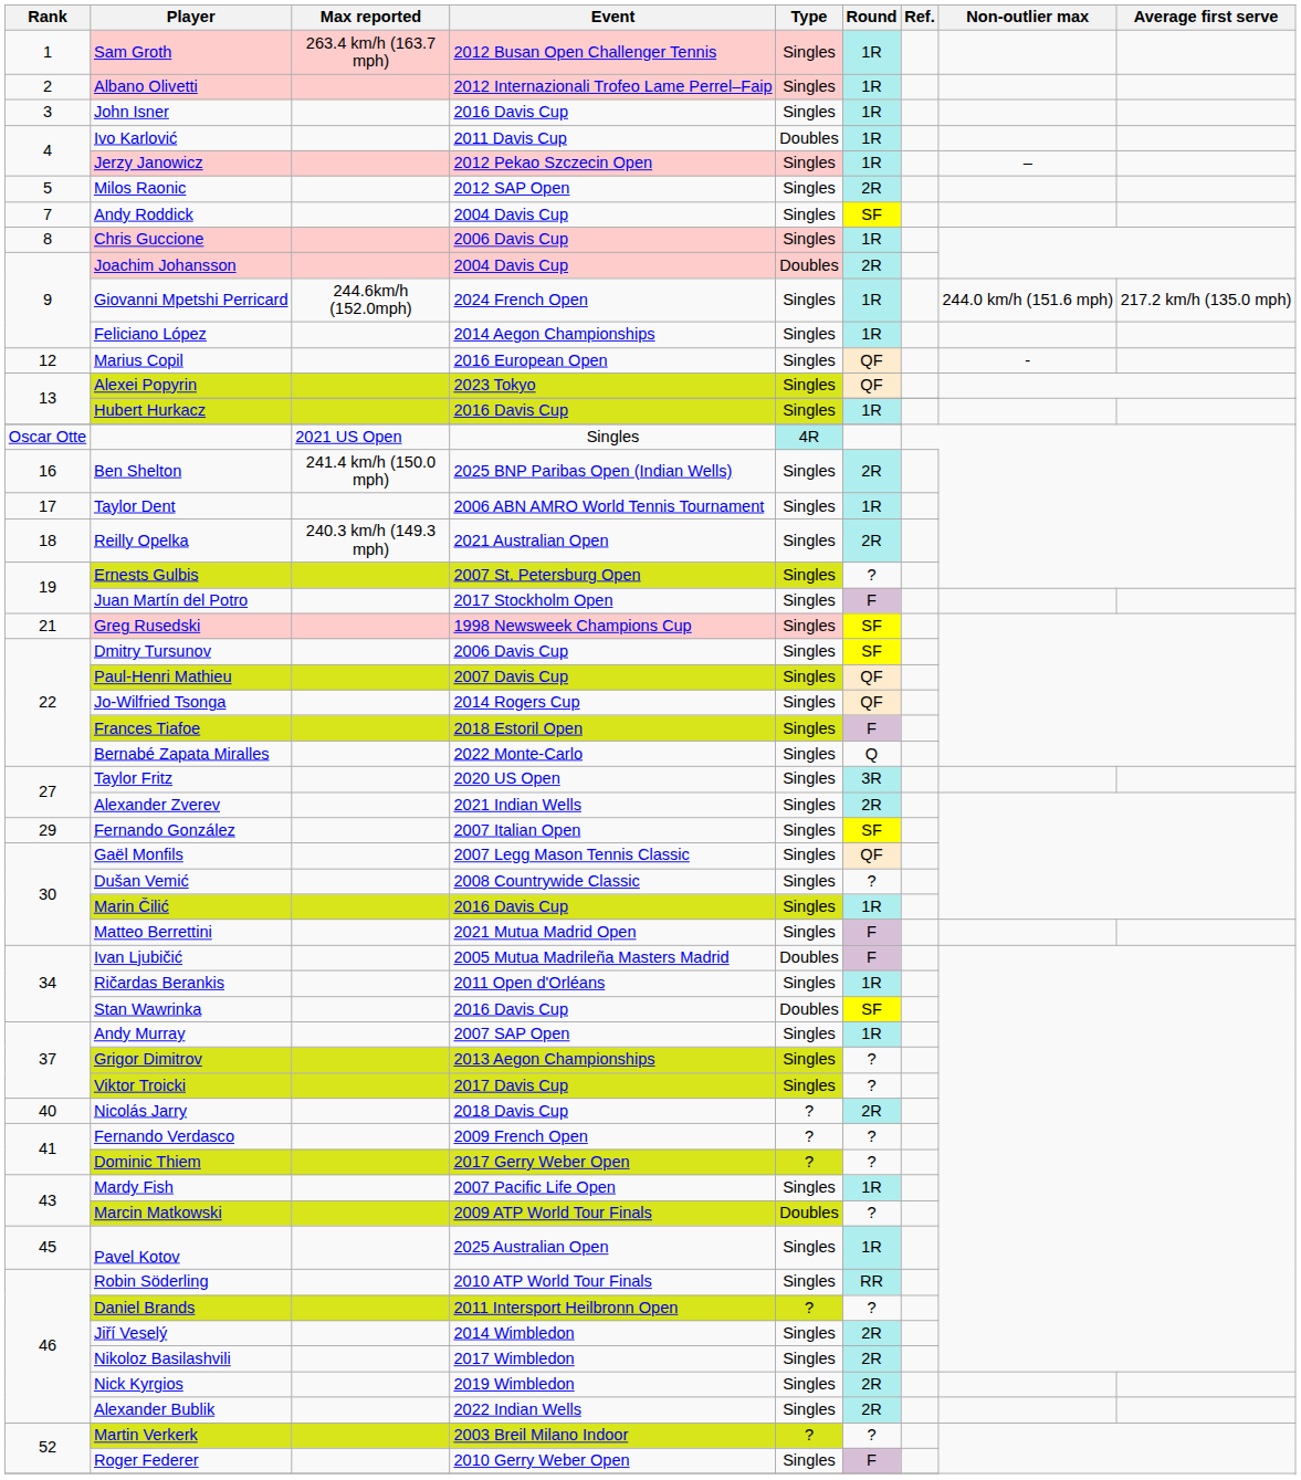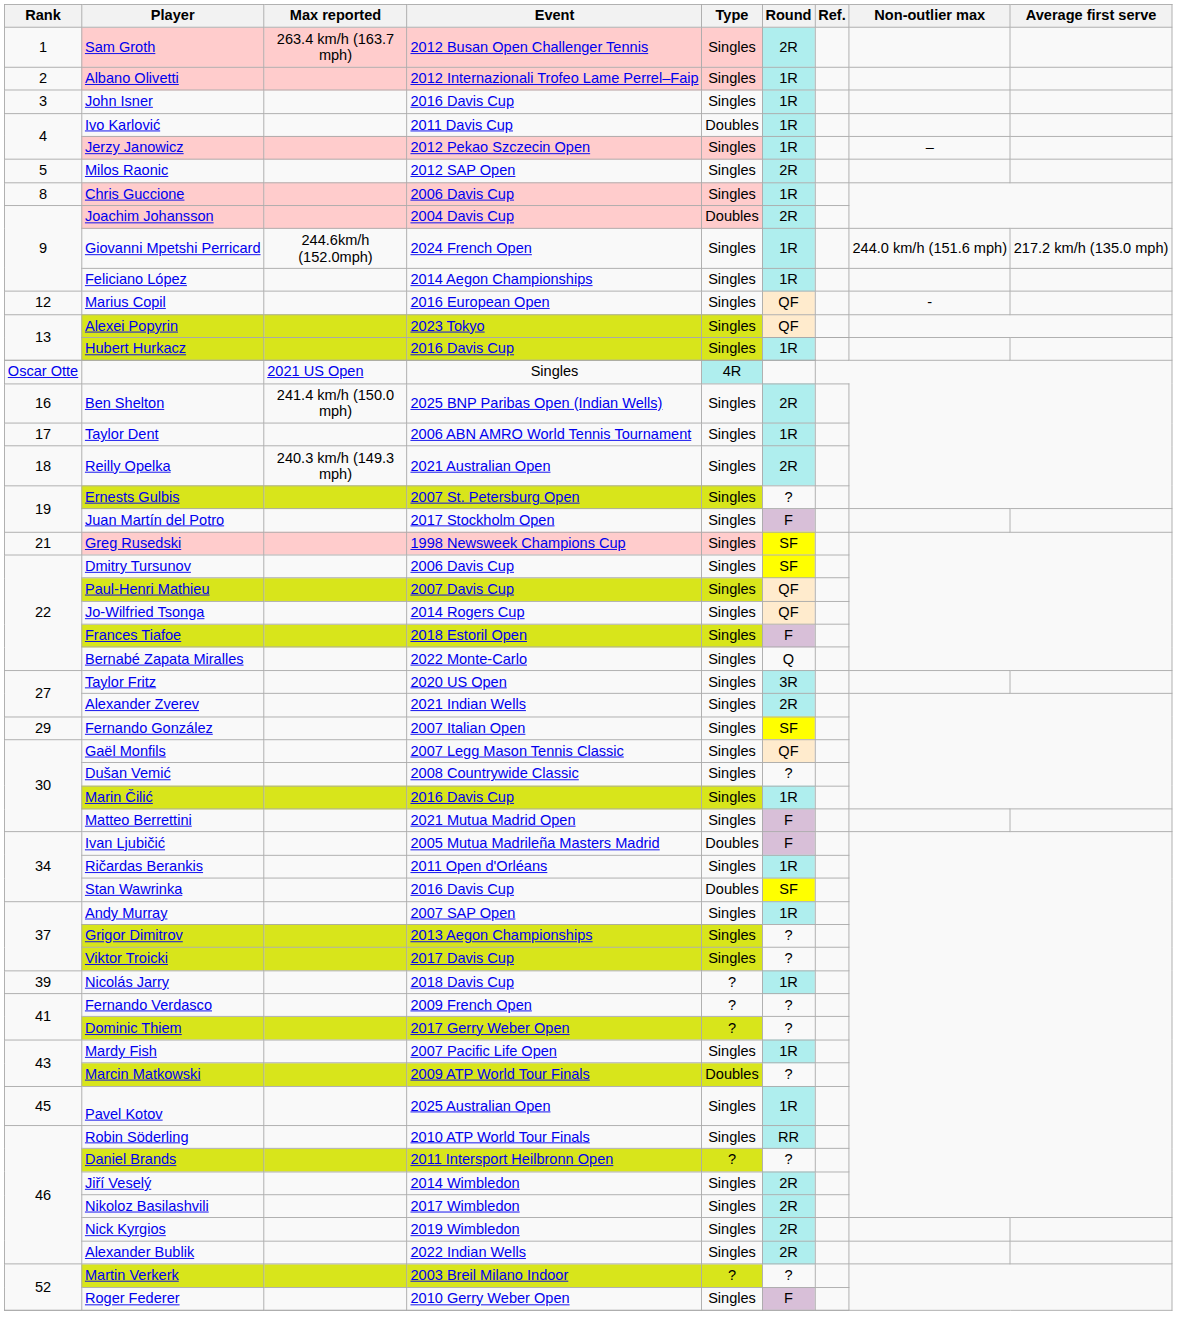 <table class="wikitable sortable mw-collapsible" style="text-align:center;">
 <tr>
 <th>Rank</th>
 <th>Player</th>
 <th width=150>Max reported</th>
 <th>Event</th>
 <th>Type</th>
 <th>Round</th>
 <th class="unsortable">Ref.</th>
 <th>Non-outlier max</th>
 <th>Average first serve</th>
 </tr>
 <tr>
 <td>1</td>
 <td style="background:#fcc; text-align:left;"> <a href='#'>Sam Groth</a></td>
 <td style="background:#fcc;">263.4 km/h (163.7 mph)</td>
 <td style="background:#fcc; text-align:left;"><a href='#'>2012 Busan Open Challenger Tennis</a></td>
 <td style="background:#fcc;">Singles</td>
-<td style="background:#afeeee;">1R</td>
+<td style="background:#afeeee">2R</td>
 <td></td>
 <td></td>
 <td></td>
 </tr>
 <tr>
 <td>2</td>
 <td style="background:#fcc; text-align:left;"> <a href='#'>Albano Olivetti</a></td>
 <td style="background:#fcc;"></td>
 <td style="background:#fcc; text-align:left;"><a href='#'>2012 Internazionali Trofeo Lame Perrel–Faip</a></td>
 <td style="background:#fcc;">Singles</td>
 <td style="background:#afeeee">1R</td>
 <td></td>
 <td></td>
 <td></td>
 </tr>
 <tr>
 <td rowspan=>3</td>
 <td style="text-align:left;"> <a href='#'>John Isner</a></td>
 <td></td>
 <td style="text-align:left;"><a href='#'>2016 Davis Cup</a></td>
 <td>Singles</td>
 <td style="background:#afeeee">1R</td>
 <td></td>
 <td></td>
 <td></td>
 </tr>
 <tr>
 <td rowspan="2">4</td>
 <td style="text-align:left;"> <a href='#'>Ivo Karlović</a></td>
 <td></td>
 <td style="text-align:left;"><a href='#'>2011 Davis Cup</a></td>
 <td>Doubles</td>
 <td style="background:#afeeee">1R</td>
 <td></td>
 <td></td>
 <td></td>
 </tr>
 <tr>
 <td style="background:#fcc; text-align:left;"> <a href='#'>Jerzy Janowicz</a></td>
 <td style="background:#fcc;"></td>
 <td style="background:#fcc; text-align:left;"><a href='#'>2012 Pekao Szczecin Open</a></td>
 <td style="background:#fcc;">Singles</td>
 <td style="background:#afeeee">1R</td>
 <td></td>
 <td>–</td>
 <td></td>
 </tr>
 <tr>
 <td rowspan="">5</td>
 <td style="text-align:left;"> <a href='#'>Milos Raonic</a></td>
 <td></td>
 <td style="text-align:left;"><a href='#'>2012 SAP Open</a></td>
 <td>Singles</td>
 <td style="background:#afeeee">2R</td>
-<td></td>
-<td></td>
-<td></td>
-</tr>
-<tr>
-<td rowspan="">7</td>
-<td style="text-align:left;"> <a href='#'>Andy Roddick</a></td>
-<td></td>
-<td style="text-align:left;"><a href='#'>2004 Davis Cup</a></td>
-<td>Singles</td>
-<td style="background:yellow">SF</td>
 <td></td>
 <td></td>
 <td></td>
 </tr>
 <tr>
 <td rowspan="">8</td>
 <td style="background:#fcc; text-align:left;"> <a href='#'>Chris Guccione</a></td>
 <td style="background:#fcc;"></td>
 <td style="background:#fcc; text-align:left;"><a href='#'>2006 Davis Cup</a></td>
 <td style="background:#fcc;">Singles</td>
 <td style="background:#afeeee">1R</td>
 <td></td>
 </tr>
 <tr>
 <td rowspan="3">9</td>
 <td style="background:#fcc; text-align:left;"> <a href='#'>Joachim Johansson</a></td>
 <td style="background:#fcc;"></td>
 <td style="background:#fcc; text-align:left;"><a href='#'>2004 Davis Cup</a></td>
 <td style="background:#fcc;">Doubles</td>
 <td style="background:#afeeee;">2R</td>
 <td></td>
 </tr>
 <tr>
 <td style="text-align:left;"> <a href='#'>Giovanni Mpetshi Perricard</a></td>
 <td>244.6km/h (152.0mph)</td>
 <td style="text-align:left;"><a href='#'>2024 French Open</a></td>
 <td>Singles</td>
 <td style="background:#afeeee">1R</td>
 <td></td>
 <td>244.0 km/h (151.6 mph)</td>
 <td>217.2 km/h (135.0 mph)</td>
 </tr>
 <tr>
 <td style="text-align:left;"> <a href='#'>Feliciano López</a></td>
 <td></td>
 <td style="text-align:left;"><a href='#'>2014 Aegon Championships</a></td>
 <td>Singles</td>
 <td style="background:#afeeee">1R</td>
 <td></td>
 <td></td>
 <td></td>
 </tr>
 <tr>
 <td>12</td>
 <td style="text-align:left;"> <a href='#'>Marius Copil</a></td>
 <td></td>
 <td style="text-align:left;"><a href='#'>2016 European Open</a></td>
 <td>Singles</td>
 <td style="background:#ffebcd">QF</td>
 <td></td>
 <td>-</td>
 <td></td>
 </tr>
 <tr>
 <td rowspan="3">13</td>
 <td style="background:#d8e51b; text-align:left;"> <a href='#'>Alexei Popyrin</a></td>
 <td style="background:#d8e51b;"></td>
 <td style="background:#d8e51b; text-align:left;"><a href='#'>2023 Tokyo</a></td>
 <td style="background:#d8e51b;">Singles</td>
 <td style="background:#ffebcd">QF</td>
 <td></td>
 </tr>
 <tr>
 </tr>
 <tr>
 <td style="background:#d8e51b; text-align:left;"> <a href='#'>Hubert Hurkacz</a></td>
 <td style="background:#d8e51b;"></td>
 <td style="background:#d8e51b; text-align:left;"><a href='#'>2016 Davis Cup</a></td>
 <td style="background:#d8e51b;">Singles</td>
 <td style="background:#afeeee">1R</td>
 <td></td>
 <td></td>
 <td></td>
 </tr>
 <tr>
 </tr>
 <tr>
 <td style="text-align:left;"> <a href='#'>Oscar Otte</a></td>
 <td></td>
 <td style="text-align:left;"><a href='#'>2021 US Open</a></td>
 <td>Singles</td>
 <td style="background:#afeeee">4R</td>
 <td></td>
 </tr>
 <tr>
 <td>16</td>
 <td style="text-align:left;"> <a href='#'>Ben Shelton</a></td>
 <td>241.4 km/h (150.0 mph)</td>
 <td style="text-align:left;"><a href='#'>2025 BNP Paribas Open (Indian Wells)</a></td>
 <td>Singles</td>
 <td style="background:#afeeee">2R</td>
 <td></td>
 </tr>
 <tr>
 <td>17</td>
 <td style="text-align:left;"> <a href='#'>Taylor Dent</a></td>
 <td></td>
 <td style="text-align:left;"><a href='#'>2006 ABN AMRO World Tennis Tournament</a></td>
 <td>Singles</td>
 <td style="background:#afeeee">1R</td>
 <td></td>
 </tr>
 <tr>
 <td>18</td>
 <td style="text-align:left;"> <a href='#'>Reilly Opelka</a></td>
 <td>240.3 km/h (149.3 mph)</td>
 <td style="text-align:left;"><a href='#'>2021 Australian Open</a></td>
 <td>Singles</td>
 <td style="background:#afeeee">2R</td>
 <td></td>
 </tr>
 <tr>
 <td rowspan="2">19</td>
 <td style="background:#d8e51b; text-align:left;"> <a href='#'>Ernests Gulbis</a></td>
 <td style="background:#d8e51b;"></td>
 <td style="background:#d8e51b; text-align:left;"><a href='#'>2007 St. Petersburg Open</a></td>
 <td style="background:#d8e51b;">Singles</td>
 <td>?</td>
 <td></td>
 </tr>
 <tr>
 <td style="text-align:left;"> <a href='#'>Juan Martín del Potro</a></td>
 <td></td>
 <td style="text-align:left;"><a href='#'>2017 Stockholm Open</a></td>
 <td>Singles</td>
 <td style="background:thistle;">F</td>
 <td></td>
 <td></td>
 <td></td>
 </tr>
 <tr>
 <td rowspan="1">21</td>
 <td style="background:#fcc; text-align:left;"> <a href='#'>Greg Rusedski</a></td>
 <td style="background:#fcc;"></td>
 <td style="background:#fcc; text-align:left;"><a href='#'>1998 Newsweek Champions Cup</a></td>
 <td style="background:#fcc;">Singles</td>
 <td style="background:yellow">SF</td>
 <td></td>
 </tr>
 <tr>
 <td rowspan="5">22</td>
 <td style="text-align:left;"> <a href='#'>Dmitry Tursunov</a></td>
 <td></td>
 <td style="text-align:left;"><a href='#'>2006 Davis Cup</a></td>
 <td style=>Singles</td>
 <td style="background:yellow">SF</td>
 <td></td>
 </tr>
 <tr>
 <td style="background:#d8e51b; text-align:left;"> <a href='#'>Paul-Henri Mathieu</a></td>
 <td style="background:#d8e51b;"></td>
 <td style="background:#d8e51b; text-align:left;"><a href='#'>2007 Davis Cup</a></td>
 <td style="background:#d8e51b;">Singles</td>
 <td style="background:#ffebcd">QF</td>
 <td></td>
 </tr>
 <tr>
 <td style="text-align:left;"> <a href='#'>Jo-Wilfried Tsonga</a></td>
 <td style=></td>
 <td style="text-align:left;"><a href='#'>2014 Rogers Cup</a></td>
 <td style=>Singles</td>
 <td style="background:#ffebcd">QF</td>
 <td></td>
 </tr>
 <tr>
 <td style="background:#d8e51b; text-align:left;"> <a href='#'>Frances Tiafoe</a></td>
 <td style="background:#d8e51b;"></td>
 <td style="background:#d8e51b; text-align:left;"><a href='#'>2018 Estoril Open</a></td>
 <td style="background:#d8e51b">Singles</td>
 <td style="background:thistle">F</td>
 <td></td>
 </tr>
 <tr>
 <td style="text-align:left;"> <a href='#'>Bernabé Zapata Miralles</a></td>
 <td></td>
 <td style="text-align:left;"><a href='#'>2022 Monte-Carlo</a></td>
 <td>Singles</td>
 <td>Q</td>
 <td></td>
 </tr>
 <tr>
 <td rowspan="2">27</td>
 <td style="text-align:left;"> <a href='#'>Taylor Fritz</a></td>
 <td></td>
 <td style="text-align:left;"><a href='#'>2020 US Open</a></td>
 <td>Singles</td>
 <td style="background:#afeeee">3R</td>
 <td></td>
 <td></td>
 <td></td>
 </tr>
 <tr>
 <td style="text-align:left;"> <a href='#'>Alexander Zverev</a></td>
 <td></td>
 <td style="text-align:left;"><a href='#'>2021 Indian Wells</a></td>
 <td>Singles</td>
 <td style="background:#afeeee;">2R</td>
 <td></td>
 </tr>
 <tr>
 <td rowspan="1">29</td>
 <td style="text-align:left;"> <a href='#'>Fernando González</a></td>
 <td></td>
 <td style="text-align:left;"><a href='#'>2007 Italian Open</a></td>
 <td>Singles</td>
 <td style="background:yellow">SF</td>
 <td></td>
 </tr>
 <tr>
 <td rowspan="4">30</td>
 <td style="text-align:left;"> <a href='#'>Gaël Monfils</a> </td>
 <td></td>
 <td style="text-align:left;"><a href='#'>2007 Legg Mason Tennis Classic</a></td>
 <td>Singles</td>
 <td style="background:#ffebcd">QF</td>
 <td></td>
 </tr>
 <tr>
 <td style="text-align:left;"> <a href='#'>Dušan Vemić</a></td>
 <td></td>
 <td style="text-align:left;"><a href='#'>2008 Countrywide Classic</a></td>
 <td>Singles</td>
 <td>?</td>
 <td></td>
 </tr>
 <tr>
 <td style="background:#d8e51b; text-align:left;"> <a href='#'>Marin Čilić</a></td>
 <td style="background:#d8e51b;"></td>
 <td style="background:#d8e51b; text-align:left;"><a href='#'>2016 Davis Cup</a></td>
 <td style="background:#d8e51b;">Singles</td>
 <td style="background:#afeeee">1R</td>
 <td></td>
 </tr>
 <tr>
 <td style="text-align:left;"> <a href='#'>Matteo Berrettini</a></td>
 <td></td>
 <td style="text-align:left;"><a href='#'>2021 Mutua Madrid Open</a></td>
 <td>Singles</td>
 <td style="background:thistle">F</td>
 <td></td>
 <td></td>
 <td></td>
 </tr>
 <tr>
 <td rowspan="3">34</td>
 <td style="text-align:left;"> <a href='#'>Ivan Ljubičić</a></td>
 <td></td>
 <td style="text-align:left;"><a href='#'>2005 Mutua Madrileña Masters Madrid</a></td>
 <td>Doubles</td>
 <td style="background:thistle">F</td>
 <td></td>
 </tr>
 <tr>
 <td style="text-align:left;"> <a href='#'>Ričardas Berankis</a></td>
 <td></td>
 <td style="text-align:left;"><a href='#'>2011 Open d'Orléans</a></td>
 <td>Singles</td>
 <td style="background:#afeeee">1R</td>
 <td></td>
 </tr>
 <tr>
 <td style="text-align:left;"> <a href='#'>Stan Wawrinka</a></td>
 <td></td>
 <td style="text-align:left;"><a href='#'>2016 Davis Cup</a></td>
 <td>Doubles</td>
 <td style="background:yellow">SF</td>
 <td></td>
 </tr>
 <tr>
 <td rowspan="3">37</td>
 <td style="text-align:left;"> <a href='#'>Andy Murray</a></td>
 <td></td>
 <td style="text-align:left;"><a href='#'>2007 SAP Open</a></td>
 <td>Singles</td>
 <td style="background:#afeeee">1R</td>
 <td></td>
 </tr>
 <tr>
 <td style="background:#d8e51b; text-align:left;"> <a href='#'>Grigor Dimitrov</a></td>
 <td style="background:#d8e51b"></td>
 <td style="background:#d8e51b; text-align:left;"><a href='#'>2013 Aegon Championships</a></td>
 <td style="background:#d8e51b">Singles</td>
 <td>?</td>
 <td></td>
 </tr>
 <tr>
 <td style="background:#d8e51b; text-align:left;"> <a href='#'>Viktor Troicki</a></td>
 <td style="background:#d8e51b;"></td>
 <td style="background:#d8e51b; text-align:left;"><a href='#'>2017 Davis Cup</a></td>
 <td style="background:#d8e51b">Singles</td>
 <td>?</td>
 <td></td>
 </tr>
 <tr>
-<td rowspan="1">40</td>
+<td rowspan="1">39</td>
 <td style="text-align:left;"> <a href='#'>Nicolás Jarry</a></td>
 <td></td>
 <td style="text-align:left;"><a href='#'>2018 Davis Cup</a></td>
 <td>?</td>
-<td style="background:#afeeee">2R</td>
+<td style="background:#afeeee;">1R</td>
 <td></td>
 </tr>
 <tr>
 <td rowspan="2">41</td>
 <td style="text-align:left;"> <a href='#'>Fernando Verdasco</a></td>
 <td></td>
 <td style="text-align:left;"><a href='#'>2009 French Open</a></td>
 <td>?</td>
 <td>?</td>
 <td></td>
 </tr>
 <tr>
 <td style="background:#d8e51b; text-align:left;"> <a href='#'>Dominic Thiem</a></td>
 <td style="background:#d8e51b;"></td>
 <td style="background:#d8e51b; text-align:left;"><a href='#'>2017 Gerry Weber Open</a></td>
 <td style="background:#d8e51b;">?</td>
 <td>?</td>
 <td></td>
 </tr>
 <tr>
 <td rowspan="2">43</td>
 <td style="text-align:left;"> <a href='#'>Mardy Fish</a></td>
 <td></td>
 <td style="text-align:left;"><a href='#'>2007 Pacific Life Open</a></td>
 <td>Singles</td>
 <td style="background:#afeeee;">1R</td>
 <td></td>
 </tr>
 <tr>
 <td style="background:#d8e51b; text-align:left;"> <a href='#'>Marcin Matkowski</a></td>
 <td style="background:#d8e51b;"></td>
 <td style="background:#d8e51b; text-align:left;"><a href='#'>2009 ATP World Tour Finals</a></td>
 <td style="background:#d8e51b;">Doubles</td>
 <td>?</td>
 <td></td>
 </tr>
 <tr>
 <td rowspan="1">45</td>
 <td style="text-align:left;"><br> <a href='#'>Pavel Kotov</a></td>
 <td></td>
 <td style="text-align:left;"><a href='#'>2025 Australian Open</a></td>
 <td>Singles</td>
 <td style="background:#afeeee">1R</td>
 <td></td>
 </tr>
 <tr>
 <td rowspan="6">46</td>
 <td style="text-align:left;"> <a href='#'>Robin Söderling</a></td>
 <td></td>
 <td style="text-align:left;"><a href='#'>2010 ATP World Tour Finals</a></td>
 <td>Singles</td>
 <td style="background:#afeeee;">RR</td>
 <td></td>
 </tr>
 <tr>
 <td style="background:#d8e51b; text-align:left;"> <a href='#'>Daniel Brands</a></td>
 <td style="background:#d8e51b;"></td>
 <td style="background:#d8e51b; text-align:left;"><a href='#'>2011 Intersport Heilbronn Open</a></td>
 <td style="background:#d8e51b;">?</td>
 <td>?</td>
 <td></td>
 </tr>
 <tr>
 <td style="text-align:left;"> <a href='#'>Jiří Veselý</a></td>
 <td></td>
 <td style="text-align:left;"><a href='#'>2014 Wimbledon</a></td>
 <td>Singles</td>
 <td style="background:#afeeee;">2R</td>
 <td></td>
 </tr>
 <tr>
 <td style="text-align:left;"> <a href='#'>Nikoloz Basilashvili</a></td>
 <td></td>
 <td style="text-align:left;"><a href='#'>2017 Wimbledon</a></td>
 <td>Singles</td>
 <td style="background:#afeeee;">2R</td>
 <td></td>
 </tr>
 <tr>
 <td style="text-align:left;"> <a href='#'>Nick Kyrgios</a></td>
 <td></td>
 <td style="text-align:left;"><a href='#'>2019 Wimbledon</a></td>
 <td>Singles</td>
 <td style="background:#afeeee;">2R</td>
 <td></td>
 <td></td>
 <td></td>
 </tr>
 <tr>
 <td style="text-align:left;"> <a href='#'>Alexander Bublik</a></td>
 <td></td>
 <td style="text-align:left;"><a href='#'>2022 Indian Wells</a></td>
 <td>Singles</td>
 <td style="background:#afeeee">2R</td>
 <td></td>
 <td></td>
 <td></td>
 </tr>
 <tr>
 <td rowspan="2">52</td>
 <td style="background:#d8e51b; text-align:left;"> <a href='#'>Martin Verkerk</a></td>
 <td style="background:#d8e51b"></td>
 <td style="background:#d8e51b; text-align:left;"><a href='#'>2003 Breil Milano Indoor</a></td>
 <td style="background:#d8e51b;">?</td>
 <td>?</td>
 <td></td>
 </tr>
 <tr>
 <td style="text-align:left;"> <a href='#'>Roger Federer</a></td>
 <td></td>
 <td style="text-align:left;"><a href='#'>2010 Gerry Weber Open</a></td>
 <td>Singles</td>
 <td style="background:thistle">F</td>
 <td></td>
 </tr>
 <tr>
 </tr>
 </table>
